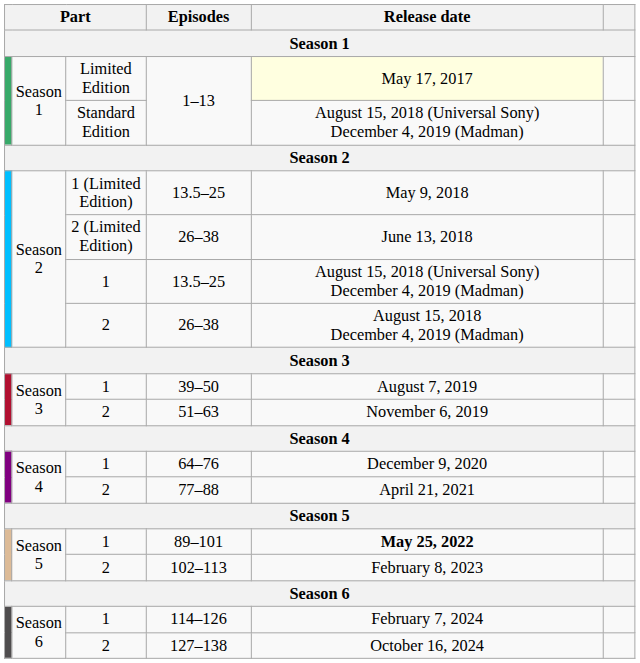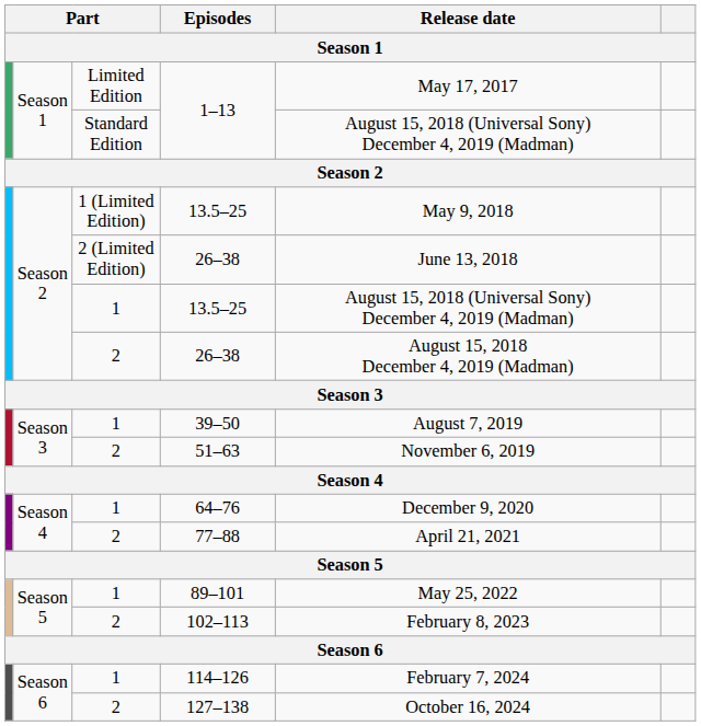 <table class="wikitable" style="text-align:center; width: 70%;">
 <tr>
 <th colspan="3" width="20%">Part</th>
 <th>Episodes</th>
 <th>Release date</th>
 <th width="5%"></th>
 </tr>
 <tr>
 <th colspan="7">Season 1</th>
 </tr>
 <tr>
 <td rowspan="2" width="1%" style="background: #38A969"></td>
 <td rowspan="2">Season 1</td>
 <td>Limited Edition</td>
 <td rowspan="2">1–13</td>
-<td style="background: lightyellow;">May 17, 2017</td>
+<td>May 17, 2017</td>
 <td></td>
 </tr>
 <tr>
 <td>Standard Edition</td>
 <td>August 15, 2018 (Universal Sony)<br>December 4, 2019 (Madman)</td>
 <td></td>
 </tr>
 <tr>
 <th colspan="7">Season 2</th>
 </tr>
 <tr>
 <td rowspan="4" width="1%" style="background: #00BFFF"></td>
 <td rowspan="4">Season 2</td>
 <td>1 (Limited Edition)</td>
 <td>13.5–25</td>
 <td>May 9, 2018</td>
 <td></td>
 </tr>
 <tr>
 <td>2 (Limited Edition)</td>
 <td>26–38</td>
 <td>June 13, 2018</td>
 <td></td>
 </tr>
 <tr>
 <td>1</td>
 <td>13.5–25</td>
 <td>August 15, 2018 (Universal Sony)<br>December 4, 2019 (Madman)</td>
 <td></td>
 </tr>
 <tr>
 <td>2</td>
 <td>26–38</td>
 <td>August 15, 2018<br>December 4, 2019 (Madman)</td>
 <td></td>
 </tr>
 <tr>
 <th colspan="7">Season 3</th>
 </tr>
 <tr>
 <td rowspan="2" width="1%" style="background: #B11030"></td>
 <td rowspan="2">Season 3</td>
 <td>1</td>
 <td>39–50</td>
 <td>August 7, 2019</td>
 <td></td>
 </tr>
 <tr>
 <td>2</td>
 <td>51–63</td>
 <td>November 6, 2019</td>
 <td></td>
 </tr>
 <tr>
 <th colspan="7">Season 4</th>
 </tr>
 <tr>
 <td rowspan="2" width="1%" style="background: #800080"></td>
 <td rowspan="2">Season 4</td>
 <td>1</td>
 <td>64–76</td>
 <td>December 9, 2020</td>
 <td></td>
 </tr>
 <tr>
 <td>2</td>
 <td>77–88</td>
 <td>April 21, 2021</td>
 <td></td>
 </tr>
 <tr>
 <th colspan="7">Season 5</th>
 </tr>
 <tr>
 <td rowspan="2" width="1%" style="background: #DDBB97"></td>
 <td rowspan="2">Season 5</td>
 <td>1</td>
 <td>89–101</td>
-<td><strong>May 25, 2022</strong></td>
+<td>May 25, 2022</td>
 <td></td>
 </tr>
 <tr>
 <td>2</td>
 <td>102–113</td>
 <td>February 8, 2023</td>
 <td></td>
 </tr>
 <tr>
 <th colspan="7">Season 6</th>
 </tr>
 <tr>
 <td rowspan="2" width="1%" style="background: #4F4D4E"></td>
 <td rowspan="2">Season 6</td>
 <td>1</td>
 <td>114–126</td>
 <td>February 7, 2024</td>
 <td></td>
 </tr>
 <tr>
 <td>2</td>
 <td>127–138</td>
 <td>October 16, 2024</td>
 <td></td>
 </tr>
 </table>
